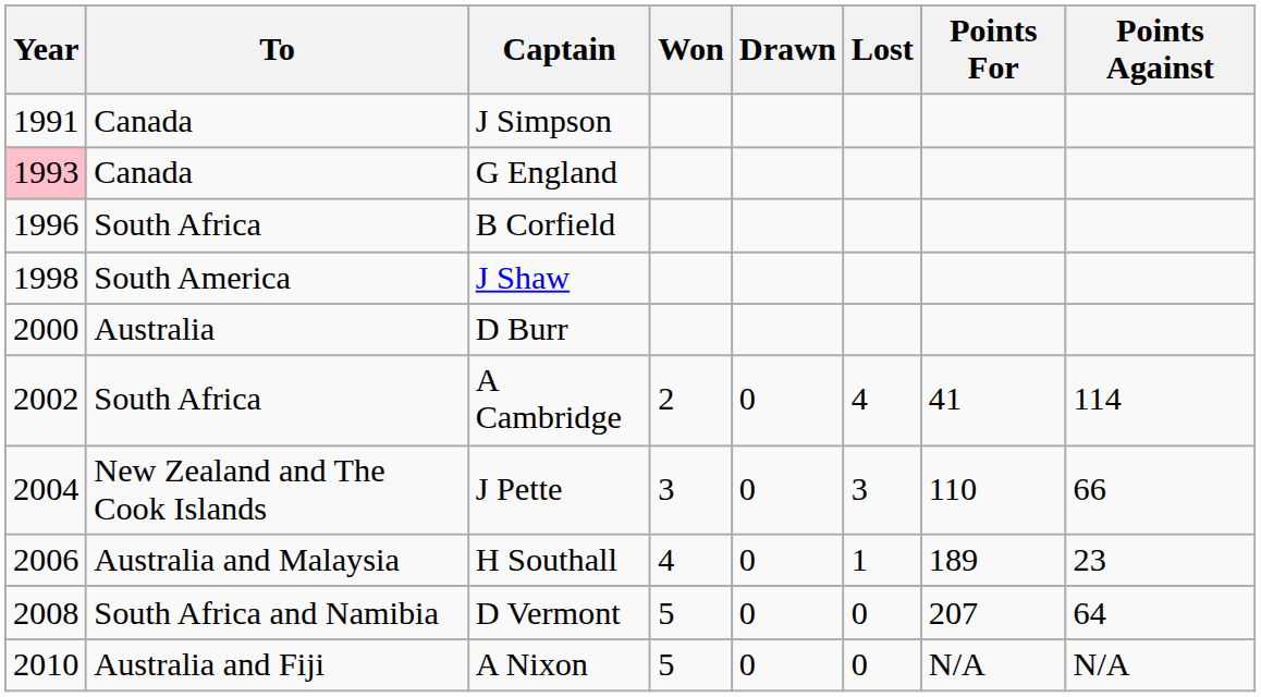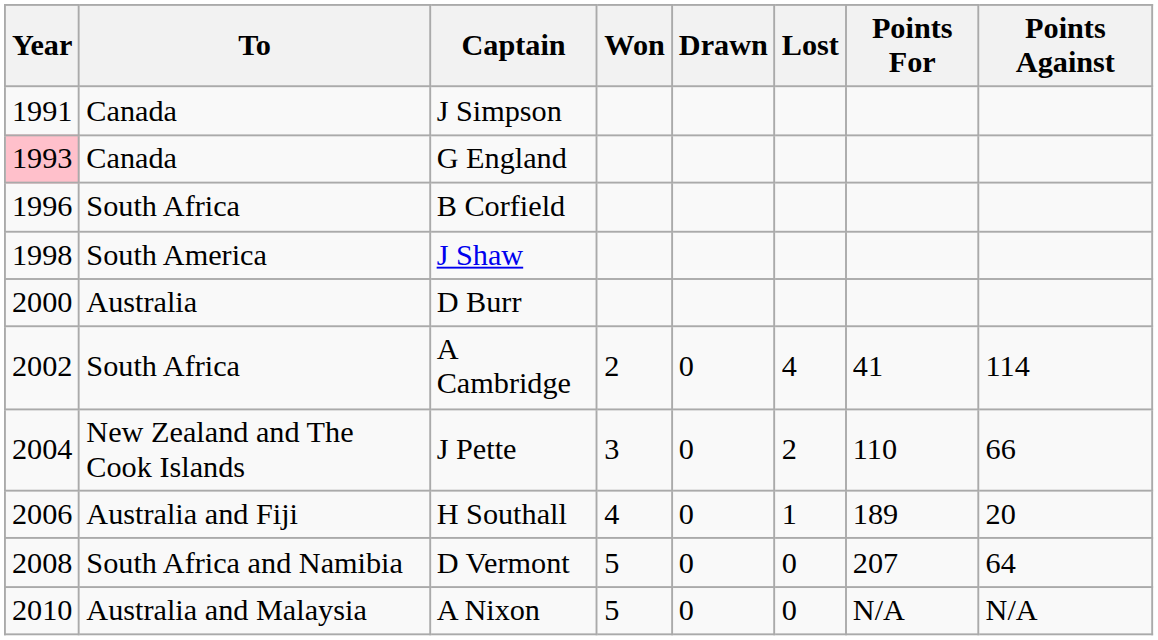 <table class="wikitable" style="align:center;">
 <tr>
 <th>Year</th>
 <th>To</th>
 <th>Captain</th>
 <th>Won</th>
 <th>Drawn</th>
 <th>Lost</th>
 <th>Points For</th>
 <th>Points Against</th>
 </tr>
 <tr>
 <td>1991</td>
 <td> Canada</td>
 <td>J Simpson</td>
 <td></td>
 <td></td>
 <td></td>
 <td></td>
 <td></td>
 </tr>
 <tr>
 <td style="background: pink;">1993</td>
 <td> Canada</td>
 <td>G England</td>
 <td></td>
 <td></td>
 <td></td>
 <td></td>
 <td></td>
 </tr>
 <tr>
 <td>1996</td>
 <td> South Africa</td>
 <td>B Corfield</td>
 <td></td>
 <td></td>
 <td></td>
 <td></td>
 <td></td>
 </tr>
 <tr>
 <td>1998</td>
 <td> South America</td>
 <td><a href='#'>J Shaw</a></td>
 <td></td>
 <td></td>
 <td></td>
 <td></td>
 <td></td>
 </tr>
 <tr>
 <td>2000</td>
 <td> Australia</td>
 <td>D Burr</td>
 <td></td>
 <td></td>
 <td></td>
 <td></td>
 <td></td>
 </tr>
 <tr>
 <td>2002</td>
 <td> South Africa</td>
 <td>A Cambridge</td>
 <td>2</td>
 <td>0</td>
 <td>4</td>
 <td>41</td>
 <td>114</td>
 </tr>
 <tr>
 <td>2004</td>
 <td> New Zealand and  The Cook Islands</td>
 <td>J Pette</td>
 <td>3</td>
 <td>0</td>
-<td>3</td>
+<td>2</td>
 <td>110</td>
 <td>66</td>
 </tr>
 <tr>
 <td>2006</td>
-<td> Australia and  Malaysia</td>
+<td> Australia and  Fiji</td>
 <td>H Southall</td>
 <td>4</td>
 <td>0</td>
 <td>1</td>
 <td>189</td>
-<td>23</td>
+<td>20</td>
 </tr>
 <tr>
 <td>2008</td>
 <td> South Africa and  Namibia</td>
 <td>D Vermont</td>
 <td>5</td>
 <td>0</td>
 <td>0</td>
 <td>207</td>
 <td>64</td>
 </tr>
 <tr>
 <td>2010</td>
-<td> Australia and  Fiji</td>
+<td> Australia and  Malaysia</td>
 <td>A Nixon</td>
 <td>5</td>
 <td>0</td>
 <td>0</td>
 <td>N/A</td>
 <td>N/A</td>
 </tr>
 </table>
